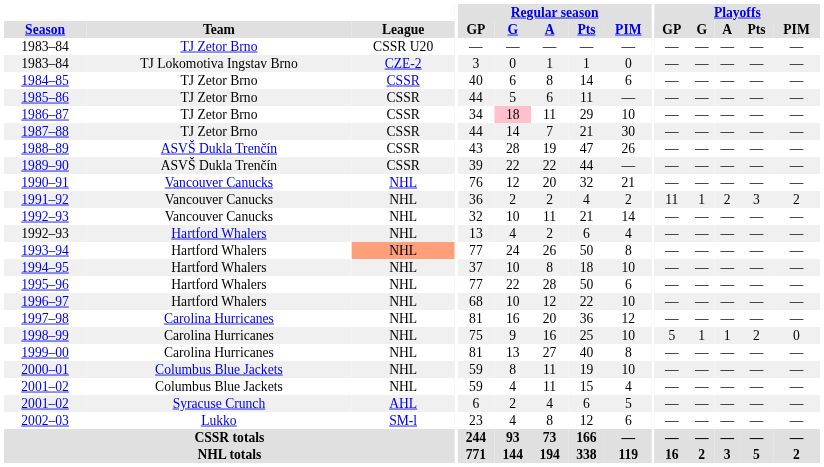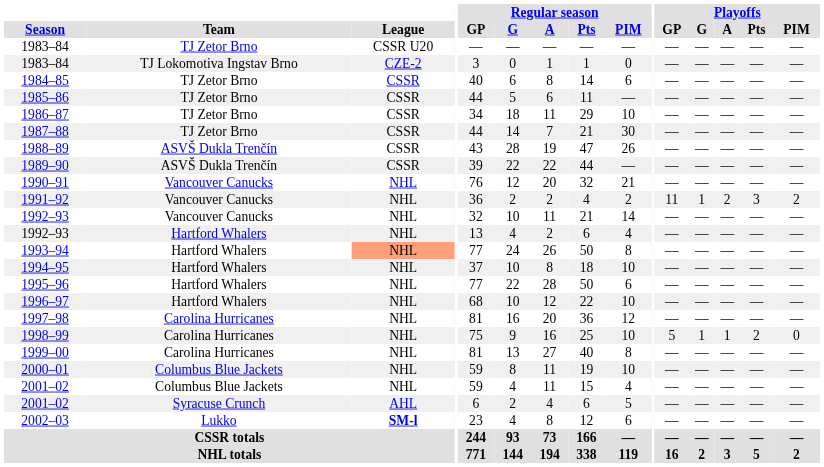 <table border="0" cellpadding="1" cellspacing="0" style="text-align:center; width:60em">
 <tr bgcolor="#e0e0e0">
 <th colspan="3" bgcolor="#ffffff"></th>
 <th rowspan="100" bgcolor="#ffffff"></th>
 <th colspan="5"><a href='#'>Regular season</a></th>
 <th rowspan="100" bgcolor="#ffffff"></th>
 <th colspan="5"><a href='#'>Playoffs</a></th>
 </tr>
 <tr bgcolor="#e0e0e0">
 <th><a href='#'>Season</a></th>
 <th>Team</th>
 <th>League</th>
 <th>GP</th>
 <th><a href='#'>G</a></th>
 <th><a href='#'>A</a></th>
 <th><a href='#'>Pts</a></th>
 <th><a href='#'>PIM</a></th>
 <th>GP</th>
 <th>G</th>
 <th>A</th>
 <th>Pts</th>
 <th>PIM</th>
 </tr>
 <tr>
 <td>1983–84</td>
 <td><a href='#'>TJ Zetor Brno</a></td>
 <td>CSSR U20</td>
 <td>—</td>
 <td>—</td>
 <td>—</td>
 <td>—</td>
 <td>—</td>
 <td>—</td>
 <td>—</td>
 <td>—</td>
 <td>—</td>
 <td>—</td>
 </tr>
 <tr bgcolor="#f0f0f0">
 <td>1983–84</td>
 <td>TJ Lokomotiva Ingstav Brno</td>
 <td><a href='#'>CZE-2</a></td>
 <td>3</td>
 <td>0</td>
 <td>1</td>
 <td>1</td>
 <td>0</td>
 <td>—</td>
 <td>—</td>
 <td>—</td>
 <td>—</td>
 <td>—</td>
 </tr>
 <tr>
 <td><a href='#'>1984–85</a></td>
 <td>TJ Zetor Brno</td>
 <td><a href='#'>CSSR</a></td>
 <td>40</td>
 <td>6</td>
 <td>8</td>
 <td>14</td>
 <td>6</td>
 <td>—</td>
 <td>—</td>
 <td>—</td>
 <td>—</td>
 <td>—</td>
 </tr>
 <tr bgcolor="#f0f0f0">
 <td><a href='#'>1985–86</a></td>
 <td>TJ Zetor Brno</td>
 <td>CSSR</td>
 <td>44</td>
 <td>5</td>
 <td>6</td>
 <td>11</td>
 <td>—</td>
 <td>—</td>
 <td>—</td>
 <td>—</td>
 <td>—</td>
 <td>—</td>
 </tr>
 <tr>
 <td><a href='#'>1986–87</a></td>
 <td>TJ Zetor Brno</td>
 <td>CSSR</td>
 <td>34</td>
-<td style="background: pink;">18</td>
+<td>18</td>
 <td>11</td>
 <td>29</td>
 <td>10</td>
 <td>—</td>
 <td>—</td>
 <td>—</td>
 <td>—</td>
 <td>—</td>
 </tr>
 <tr bgcolor="#f0f0f0">
 <td><a href='#'>1987–88</a></td>
 <td>TJ Zetor Brno</td>
 <td>CSSR</td>
 <td>44</td>
 <td>14</td>
 <td>7</td>
 <td>21</td>
 <td>30</td>
 <td>—</td>
 <td>—</td>
 <td>—</td>
 <td>—</td>
 <td>—</td>
 </tr>
 <tr>
 <td><a href='#'>1988–89</a></td>
 <td><a href='#'>ASVŠ Dukla Trenčín</a></td>
 <td>CSSR</td>
 <td>43</td>
 <td>28</td>
 <td>19</td>
 <td>47</td>
 <td>26</td>
 <td>—</td>
 <td>—</td>
 <td>—</td>
 <td>—</td>
 <td>—</td>
 </tr>
 <tr bgcolor="#f0f0f0">
 <td><a href='#'>1989–90</a></td>
 <td>ASVŠ Dukla Trenčín</td>
 <td>CSSR</td>
 <td>39</td>
 <td>22</td>
 <td>22</td>
 <td>44</td>
 <td>—</td>
 <td>—</td>
 <td>—</td>
 <td>—</td>
 <td>—</td>
 <td>—</td>
 </tr>
 <tr>
 <td><a href='#'>1990–91</a></td>
 <td><a href='#'>Vancouver Canucks</a></td>
 <td><a href='#'>NHL</a></td>
 <td>76</td>
 <td>12</td>
 <td>20</td>
 <td>32</td>
 <td>21</td>
 <td>—</td>
 <td>—</td>
 <td>—</td>
 <td>—</td>
 <td>—</td>
 </tr>
 <tr bgcolor="#f0f0f0">
 <td><a href='#'>1991–92</a></td>
 <td>Vancouver Canucks</td>
 <td>NHL</td>
 <td>36</td>
 <td>2</td>
 <td>2</td>
 <td>4</td>
 <td>2</td>
 <td>11</td>
 <td>1</td>
 <td>2</td>
 <td>3</td>
 <td>2</td>
 </tr>
 <tr>
 <td><a href='#'>1992–93</a></td>
 <td>Vancouver Canucks</td>
 <td>NHL</td>
 <td>32</td>
 <td>10</td>
 <td>11</td>
 <td>21</td>
 <td>14</td>
 <td>—</td>
 <td>—</td>
 <td>—</td>
 <td>—</td>
 <td>—</td>
 </tr>
 <tr bgcolor="#f0f0f0">
 <td>1992–93</td>
 <td><a href='#'>Hartford Whalers</a></td>
 <td>NHL</td>
 <td>13</td>
 <td>4</td>
 <td>2</td>
 <td>6</td>
 <td>4</td>
 <td>—</td>
 <td>—</td>
 <td>—</td>
 <td>—</td>
 <td>—</td>
 </tr>
 <tr>
 <td><a href='#'>1993–94</a></td>
 <td>Hartford Whalers</td>
 <td style="background: lightsalmon;">NHL</td>
 <td>77</td>
 <td>24</td>
 <td>26</td>
 <td>50</td>
 <td>8</td>
 <td>—</td>
 <td>—</td>
 <td>—</td>
 <td>—</td>
 <td>—</td>
 </tr>
 <tr bgcolor="#f0f0f0">
 <td><a href='#'>1994–95</a></td>
 <td>Hartford Whalers</td>
 <td>NHL</td>
 <td>37</td>
 <td>10</td>
 <td>8</td>
 <td>18</td>
 <td>10</td>
 <td>—</td>
 <td>—</td>
 <td>—</td>
 <td>—</td>
 <td>—</td>
 </tr>
 <tr>
 <td><a href='#'>1995–96</a></td>
 <td>Hartford Whalers</td>
 <td>NHL</td>
 <td>77</td>
 <td>22</td>
 <td>28</td>
 <td>50</td>
 <td>6</td>
 <td>—</td>
 <td>—</td>
 <td>—</td>
 <td>—</td>
 <td>—</td>
 </tr>
 <tr bgcolor="#f0f0f0">
 <td><a href='#'>1996–97</a></td>
 <td>Hartford Whalers</td>
 <td>NHL</td>
 <td>68</td>
 <td>10</td>
 <td>12</td>
 <td>22</td>
 <td>10</td>
 <td>—</td>
 <td>—</td>
 <td>—</td>
 <td>—</td>
 <td>—</td>
 </tr>
 <tr>
 <td><a href='#'>1997–98</a></td>
 <td><a href='#'>Carolina Hurricanes</a></td>
 <td>NHL</td>
 <td>81</td>
 <td>16</td>
 <td>20</td>
 <td>36</td>
 <td>12</td>
 <td>—</td>
 <td>—</td>
 <td>—</td>
 <td>—</td>
 <td>—</td>
 </tr>
 <tr bgcolor="#f0f0f0">
 <td><a href='#'>1998–99</a></td>
 <td>Carolina Hurricanes</td>
 <td>NHL</td>
 <td>75</td>
 <td>9</td>
 <td>16</td>
 <td>25</td>
 <td>10</td>
 <td>5</td>
 <td>1</td>
 <td>1</td>
 <td>2</td>
 <td>0</td>
 </tr>
 <tr>
 <td><a href='#'>1999–00</a></td>
 <td>Carolina Hurricanes</td>
 <td>NHL</td>
 <td>81</td>
 <td>13</td>
 <td>27</td>
 <td>40</td>
 <td>8</td>
 <td>—</td>
 <td>—</td>
 <td>—</td>
 <td>—</td>
 <td>—</td>
 </tr>
 <tr bgcolor="#f0f0f0">
 <td><a href='#'>2000–01</a></td>
 <td><a href='#'>Columbus Blue Jackets</a></td>
 <td>NHL</td>
 <td>59</td>
 <td>8</td>
 <td>11</td>
 <td>19</td>
 <td>10</td>
 <td>—</td>
 <td>—</td>
 <td>—</td>
 <td>—</td>
 <td>—</td>
 </tr>
 <tr>
 <td><a href='#'>2001–02</a></td>
 <td>Columbus Blue Jackets</td>
 <td>NHL</td>
 <td>59</td>
 <td>4</td>
 <td>11</td>
 <td>15</td>
 <td>4</td>
 <td>—</td>
 <td>—</td>
 <td>—</td>
 <td>—</td>
 <td>—</td>
 </tr>
 <tr bgcolor="#f0f0f0">
 <td><a href='#'>2001–02</a></td>
 <td><a href='#'>Syracuse Crunch</a></td>
 <td><a href='#'>AHL</a></td>
 <td>6</td>
 <td>2</td>
 <td>4</td>
 <td>6</td>
 <td>5</td>
 <td>—</td>
 <td>—</td>
 <td>—</td>
 <td>—</td>
 <td>—</td>
 </tr>
 <tr>
 <td><a href='#'>2002–03</a></td>
 <td><a href='#'>Lukko</a></td>
-<td><a href='#'>SM-l</a></td>
+<td><strong><a href='#'>SM-l</a></strong></td>
 <td>23</td>
 <td>4</td>
 <td>8</td>
 <td>12</td>
 <td>6</td>
 <td>—</td>
 <td>—</td>
 <td>—</td>
 <td>—</td>
 <td>—</td>
 </tr>
 <tr bgcolor="#e0e0e0">
 <th colspan="3">CSSR totals</th>
 <th>244</th>
 <th>93</th>
 <th>73</th>
 <th>166</th>
 <th>—</th>
 <th>—</th>
 <th>—</th>
 <th>—</th>
 <th>—</th>
 <th>—</th>
 </tr>
 <tr bgcolor="#e0e0e0">
 <th colspan="3">NHL totals</th>
 <th>771</th>
 <th>144</th>
 <th>194</th>
 <th>338</th>
 <th>119</th>
 <th>16</th>
 <th>2</th>
 <th>3</th>
 <th>5</th>
 <th>2</th>
 </tr>
 </table>
